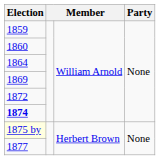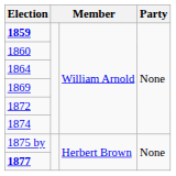 <table class="wikitable">
 <tr>
 <th>Election</th>
 <th colspan="2">Member</th>
 <th>Party</th>
 </tr>
 <tr>
-<td><a href='#'>1859</a></td>
+<td><strong><a href='#'>1859</a></strong></td>
 <td rowspan="6" > </td>
 <td rowspan="6"><a href='#'>William Arnold</a></td>
 <td rowspan="6">None</td>
 </tr>
 <tr>
 <td><a href='#'>1860</a></td>
 </tr>
 <tr>
 <td><a href='#'>1864</a></td>
 </tr>
 <tr>
 <td><a href='#'>1869</a></td>
 </tr>
 <tr>
 <td><a href='#'>1872</a></td>
 </tr>
 <tr>
-<td><strong><a href='#'>1874</a></strong></td>
+<td><a href='#'>1874</a></td>
 </tr>
 <tr>
-<td style="background: lightyellow;"><a href='#'>1875 by</a></td>
+<td><a href='#'>1875 by</a></td>
 <td rowspan="2" > </td>
 <td rowspan="2"><a href='#'>Herbert Brown</a></td>
 <td rowspan="2">None</td>
 </tr>
 <tr>
-<td><a href='#'>1877</a></td>
+<td><strong><a href='#'>1877</a></strong></td>
 </tr>
 </table>
